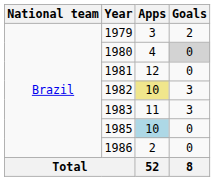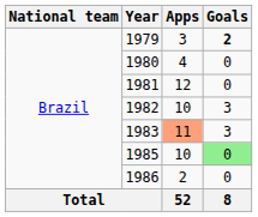 <table class="wikitable" style="text-align:center">
 <tr>
 <th>National team</th>
 <th>Year</th>
 <th>Apps</th>
 <th>Goals</th>
 </tr>
 <tr>
 <td rowspan="7"><a href='#'>Brazil</a></td>
 <td>1979</td>
 <td>3</td>
-<td>2</td>
+<td><strong>2</strong></td>
 </tr>
 <tr>
 <td>1980</td>
 <td>4</td>
-<td style="background: lightgrey;">0</td>
+<td>0</td>
 </tr>
 <tr>
 <td>1981</td>
 <td>12</td>
 <td>0</td>
 </tr>
 <tr>
 <td>1982</td>
-<td style="background: khaki;">10</td>
+<td>10</td>
 <td>3</td>
 </tr>
 <tr>
 <td>1983</td>
-<td>11</td>
+<td style="background: lightsalmon;">11</td>
 <td>3</td>
 </tr>
 <tr>
 <td>1985</td>
-<td style="background: lightblue;">10</td>
-<td>0</td>
+<td>10</td>
+<td style="background: lightgreen;">0</td>
 </tr>
 <tr>
 <td>1986</td>
 <td>2</td>
 <td>0</td>
 </tr>
 <tr>
 <th colspan="2">Total</th>
 <th>52</th>
 <th>8</th>
 </tr>
 </table>
